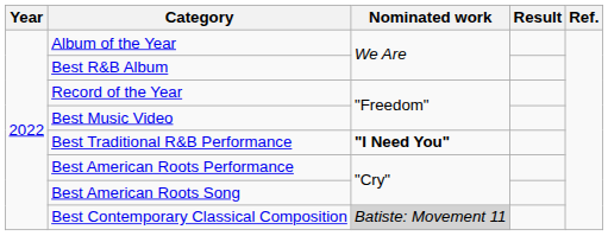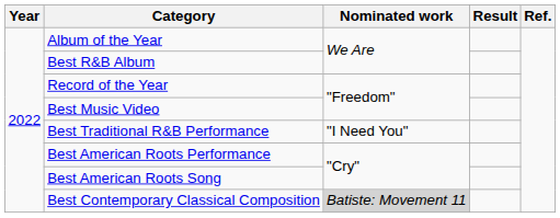 <table class="wikitable">
 <tr>
 <th>Year</th>
 <th>Category</th>
 <th>Nominated work</th>
 <th>Result</th>
 <th>Ref.</th>
 </tr>
 <tr>
 <td rowspan="8"><a href='#'>2022</a></td>
 <td><a href='#'>Album of the Year</a></td>
 <td rowspan="2"><em>We Are</em></td>
 <td></td>
 <td rowspan="8" style="text-align:center;"></td>
 </tr>
 <tr>
 <td><a href='#'>Best R&B Album</a></td>
 <td></td>
 </tr>
 <tr>
 <td><a href='#'>Record of the Year</a></td>
 <td rowspan="2">"Freedom"</td>
 <td></td>
 </tr>
 <tr>
 <td><a href='#'>Best Music Video</a></td>
 <td></td>
 </tr>
 <tr>
 <td><a href='#'>Best Traditional R&B Performance</a></td>
-<td><strong>"I Need You"</strong></td>
+<td>"I Need You"</td>
 <td></td>
 </tr>
 <tr>
 <td><a href='#'>Best American Roots Performance</a></td>
 <td rowspan="2">"Cry"</td>
 <td></td>
 </tr>
 <tr>
 <td><a href='#'>Best American Roots Song</a></td>
 <td></td>
 </tr>
 <tr>
 <td><a href='#'>Best Contemporary Classical Composition</a></td>
 <td style="background: lightgrey;"><em>Batiste: Movement 11<strong></td>
 <td></td>
 </tr>
 </table>
